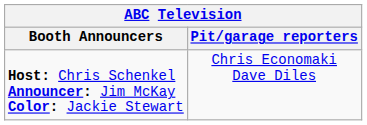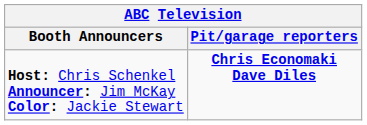 <table class="wikitable" style="font-size: 95%;">
 <tr>
 <th colspan=2><a href='#'>ABC</a> <a href='#'>Television</a></th>
 </tr>
 <tr>
 <th>Booth Announcers</th>
 <th><a href='#'>Pit/garage reporters</a></th>
 </tr>
 <tr>
 <td valign="top"><br><strong>Host:</strong> <a href='#'>Chris Schenkel</a><br> <strong><a href='#'>Announcer</a>:</strong> <a href='#'>Jim McKay</a><br> <strong><a href='#'>Color</a>:</strong> <a href='#'>Jackie Stewart</a></td>
-<td align="center" valign="top"><a href='#'>Chris Economaki</a><br><a href='#'>Dave Diles</a></td>
+<td align="center" valign="top"><strong><a href='#'>Chris Economaki</a><br><a href='#'>Dave Diles</a></strong></td>
 </tr>
 </table>
